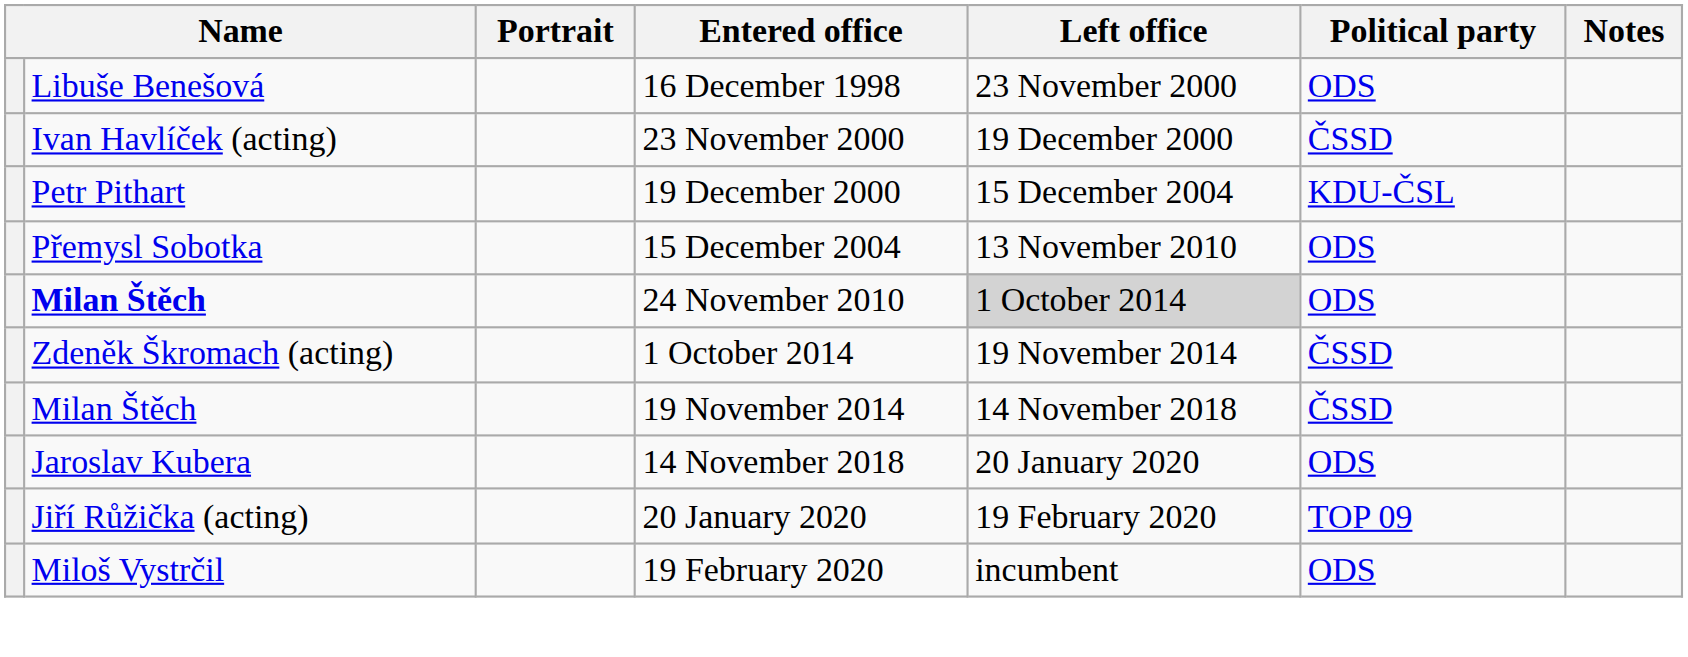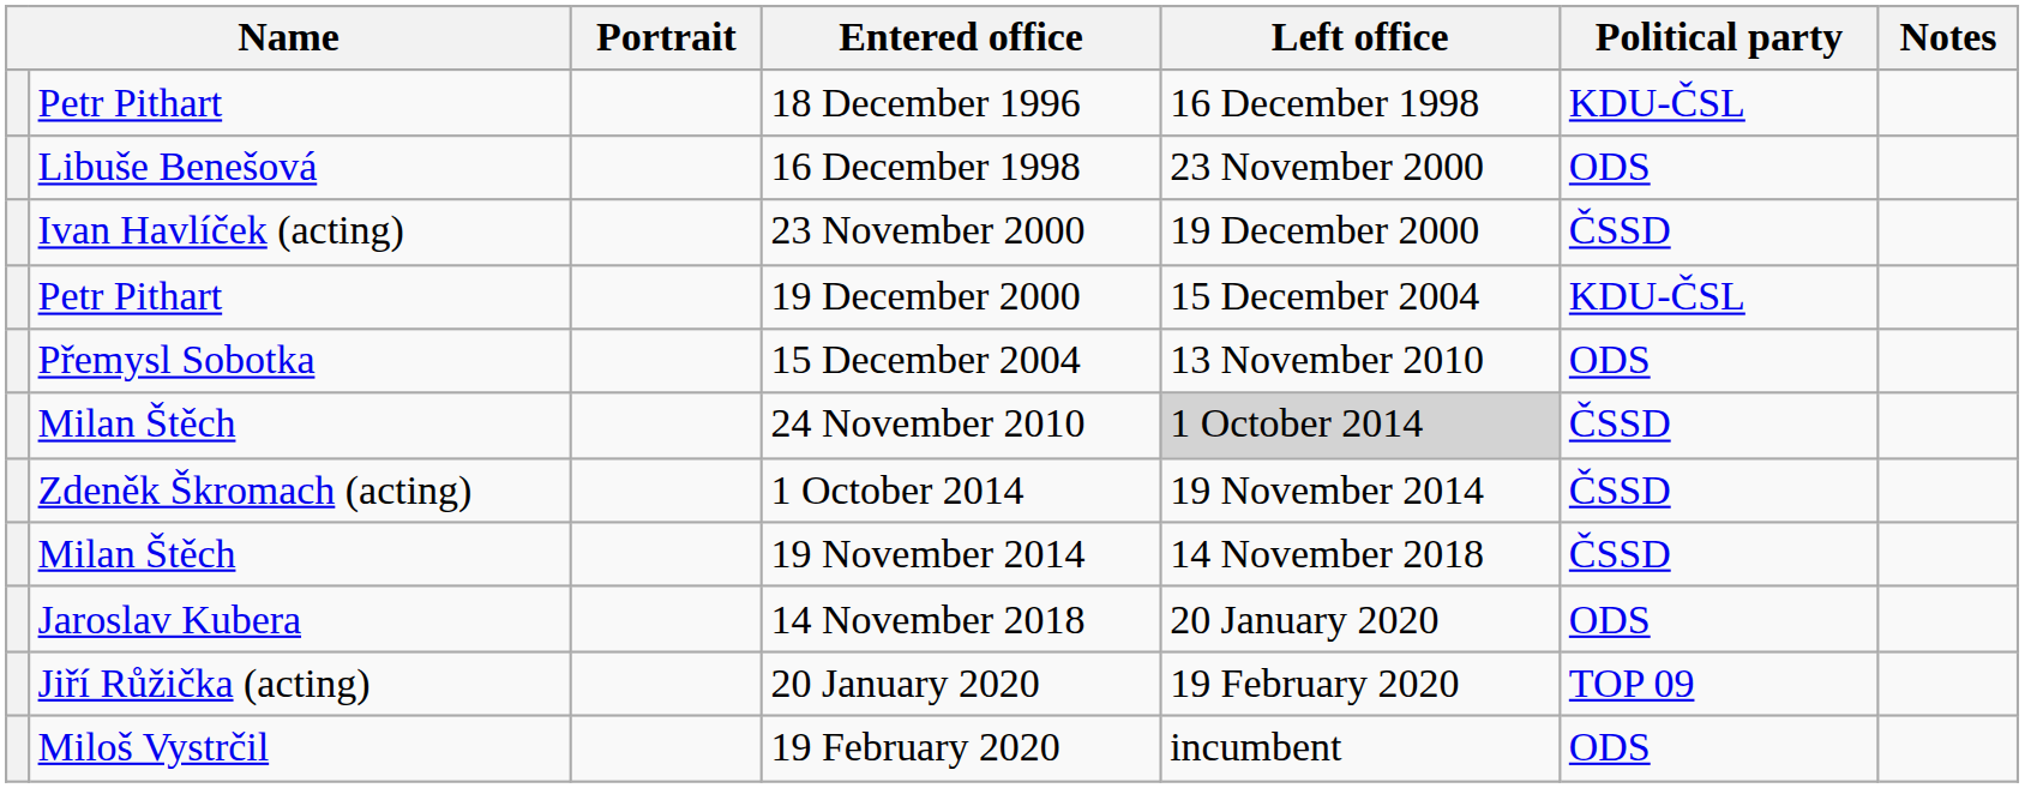 <table class="wikitable" width=50%>
 <tr>
 <th colspan=2>Name</th>
 <th>Portrait</th>
 <th>Entered office</th>
 <th>Left office</th>
 <th>Political party</th>
 <th>Notes</th>
+</tr>
+<tr>
+<th style="background-color: "></th>
+<td><a href='#'>Petr Pithart</a></td>
+<td></td>
+<td>18 December 1996</td>
+<td>16 December 1998</td>
+<td><a href='#'>KDU-ČSL</a></td>
+<td></td>
 </tr>
 <tr>
 <th style="background-color: "></th>
 <td><a href='#'>Libuše Benešová</a></td>
 <td></td>
 <td>16 December 1998</td>
 <td>23 November 2000</td>
 <td><a href='#'>ODS</a></td>
 <td></td>
 </tr>
 <tr>
 <th style="background-color: "></th>
 <td><a href='#'>Ivan Havlíček</a> (acting)</td>
 <td></td>
 <td>23 November 2000</td>
 <td>19 December 2000</td>
 <td><a href='#'>ČSSD</a></td>
 <td></td>
 </tr>
 <tr>
 <th style="background-color: "></th>
 <td><a href='#'>Petr Pithart</a></td>
 <td></td>
 <td>19 December 2000</td>
 <td>15 December 2004</td>
 <td><a href='#'>KDU-ČSL</a></td>
 <td></td>
 </tr>
 <tr>
 <th style="background-color: "></th>
 <td><a href='#'>Přemysl Sobotka</a></td>
 <td></td>
 <td>15 December 2004</td>
 <td>13 November 2010</td>
 <td><a href='#'>ODS</a></td>
 <td></td>
 </tr>
 <tr>
 <th style="background-color: "></th>
-<td><strong><a href='#'>Milan Štěch</a></strong></td>
+<td><a href='#'>Milan Štěch</a></td>
 <td></td>
 <td>24 November 2010</td>
 <td style="background: lightgrey;">1 October 2014</td>
-<td><a href='#'>ODS</a></td>
+<td><a href='#'>ČSSD</a></td>
 <td></td>
 </tr>
 <tr>
 <th style="background-color: "></th>
 <td><a href='#'>Zdeněk Škromach</a> (acting)</td>
 <td></td>
 <td>1 October 2014</td>
 <td>19 November 2014</td>
 <td><a href='#'>ČSSD</a></td>
 <td></td>
 </tr>
 <tr>
 <th style="background-color: "></th>
 <td><a href='#'>Milan Štěch</a></td>
 <td></td>
 <td>19 November 2014</td>
 <td>14 November 2018</td>
 <td><a href='#'>ČSSD</a></td>
 <td></td>
 </tr>
 <tr>
 <th style="background-color: "></th>
 <td><a href='#'>Jaroslav Kubera</a></td>
 <td></td>
 <td>14 November 2018</td>
 <td>20 January 2020</td>
 <td><a href='#'>ODS</a></td>
 <td></td>
 </tr>
 <tr>
 <th style="background-color: "></th>
 <td><a href='#'>Jiří Růžička</a> (acting)</td>
 <td></td>
 <td>20 January 2020</td>
 <td>19 February 2020</td>
 <td><a href='#'>TOP 09</a></td>
 <td></td>
 </tr>
 <tr>
 <th style="background-color: "></th>
 <td><a href='#'>Miloš Vystrčil</a></td>
 <td></td>
 <td>19 February 2020</td>
 <td>incumbent</td>
 <td><a href='#'>ODS</a></td>
 <td></td>
 </tr>
 </table>
